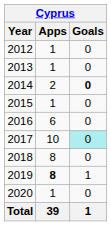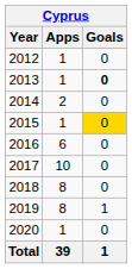 <table class="wikitable" style="text-align:center">
 <tr>
 <th colspan=3><a href='#'>Cyprus</a></th>
 </tr>
 <tr>
 <th>Year</th>
 <th>Apps</th>
 <th>Goals</th>
 </tr>
 <tr>
 <td>2012</td>
 <td>1</td>
 <td>0</td>
 </tr>
 <tr>
 <td>2013</td>
 <td>1</td>
-<td>0</td>
+<td><strong>0</strong></td>
 </tr>
 <tr>
 <td>2014</td>
 <td>2</td>
-<td><strong>0</strong></td>
+<td>0</td>
 </tr>
 <tr>
 <td>2015</td>
 <td>1</td>
-<td>0</td>
+<td style="background: gold;">0</td>
 </tr>
 <tr>
 <td>2016</td>
 <td>6</td>
 <td>0</td>
 </tr>
 <tr>
 <td>2017</td>
 <td>10</td>
-<td style="background: paleturquoise;">0</td>
+<td>0</td>
 </tr>
 <tr>
 <td>2018</td>
 <td>8</td>
 <td>0</td>
 </tr>
 <tr>
 <td>2019</td>
-<td><strong>8</strong></td>
+<td>8</td>
 <td>1</td>
 </tr>
 <tr>
 <td>2020</td>
 <td>1</td>
 <td>0</td>
 </tr>
 <tr>
 <th>Total</th>
 <th>39</th>
 <th>1</th>
 </tr>
 </table>
